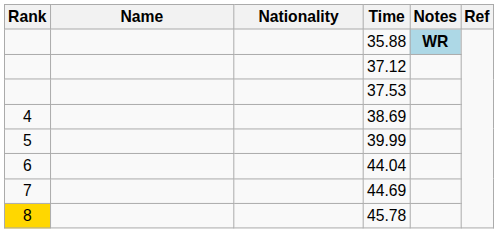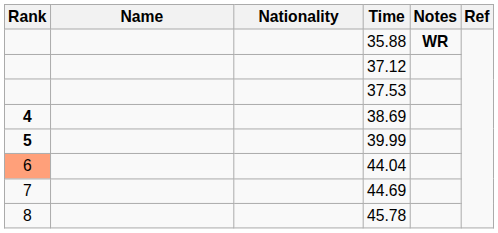 <table class="wikitable sortable" style="text-align:center">
 <tr>
 <th>Rank</th>
 <th style="width:180px">Name</th>
 <th style="width:125px">Nationality</th>
 <th>Time</th>
 <th>Notes</th>
 <th>Ref</th>
 </tr>
 <tr>
 <td></td>
 <td style="text-align:left;"></td>
 <td style="text-align:left;"></td>
 <td>35.88</td>
-<td style="background: lightblue;"><strong>WR</strong></td>
+<td><strong>WR</strong></td>
 <td rowspan=8></td>
 </tr>
 <tr>
 <td></td>
 <td style="text-align:left;"></td>
 <td style="text-align:left;"></td>
 <td>37.12</td>
 <td></td>
 </tr>
 <tr>
 <td></td>
 <td style="text-align:left;"></td>
 <td style="text-align:left;"></td>
 <td>37.53</td>
 <td></td>
 </tr>
 <tr>
-<td>4</td>
+<td><strong>4</strong></td>
 <td style="text-align:left;"></td>
 <td style="text-align:left;"></td>
 <td>38.69</td>
 <td></td>
 </tr>
 <tr>
-<td>5</td>
+<td><strong>5</strong></td>
 <td style="text-align:left;"></td>
 <td style="text-align:left;"></td>
 <td>39.99</td>
 <td></td>
 </tr>
 <tr>
-<td>6</td>
+<td style="background: lightsalmon;">6</td>
 <td style="text-align:left;"></td>
 <td style="text-align:left;"></td>
 <td>44.04</td>
 <td></td>
 </tr>
 <tr>
 <td>7</td>
 <td style="text-align:left;"></td>
 <td style="text-align:left;"></td>
 <td>44.69</td>
 <td></td>
 </tr>
 <tr>
-<td style="background: gold;">8</td>
+<td>8</td>
 <td style="text-align:left;"></td>
 <td style="text-align:left;"></td>
 <td>45.78</td>
 <td></td>
 </tr>
 </table>
